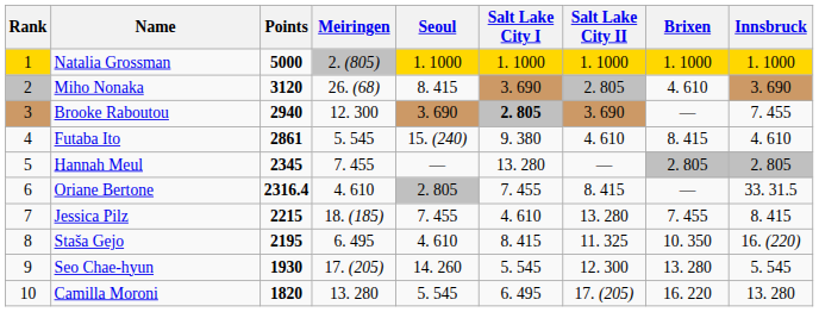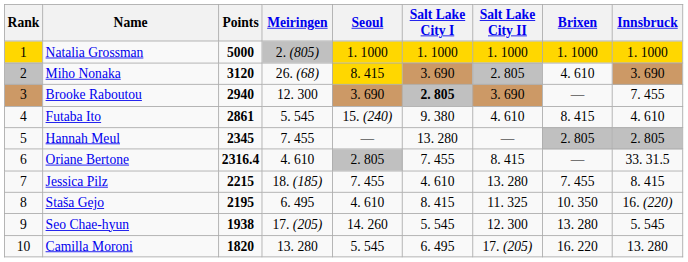 <table class="wikitable sortable">
 <tr>
 <th>Rank</th>
 <th width = "200">Name</th>
 <th>Points</th>
 <th width = "75" data-sort-type="number"><a href='#'>Meiringen</a></th>
 <th width = "75" data-sort-type="number"><a href='#'>Seoul</a></th>
 <th width = "75" data-sort-type="number"><a href='#'>Salt Lake City I</a></th>
 <th width = "75" data-sort-type="number"><a href='#'>Salt Lake City II</a></th>
 <th width = "75" data-sort-type="number"><a href='#'>Brixen</a></th>
 <th width = "75" data-sort-type="number"><a href='#'>Innsbruck</a></th>
 </tr>
 <tr>
 <td align="center" style="background: gold">1</td>
 <td> <a href='#'>Natalia Grossman</a></td>
 <td align="center"><strong>5000</strong></td>
 <td align="center" style="background: silver">2. <em>(805)</em></td>
 <td align="center" style="background: gold">1. 1000</td>
 <td align="center" style="background: gold">1. 1000</td>
 <td align="center" style="background: gold">1. 1000</td>
 <td align="center" style="background: gold">1. 1000</td>
 <td align="center" style="background: gold">1. 1000</td>
 </tr>
 <tr>
 <td align="center" style="background: silver">2</td>
 <td> <a href='#'>Miho Nonaka</a></td>
 <td align="center"><strong>3120</strong></td>
 <td align="center">26. <em>(68)</em></td>
-<td align="center">8. 415</td>
+<td align="center" style="background: gold;">8. 415</td>
 <td align="center" style="background: #cc9966">3. 690</td>
 <td align="center" style="background: silver">2. 805</td>
 <td align="center">4. 610</td>
 <td align="center" style="background: #cc9966">3. 690</td>
 </tr>
 <tr>
 <td align="center" style="background: #cc9966">3</td>
 <td> <a href='#'>Brooke Raboutou</a></td>
 <td align="center"><strong>2940</strong></td>
 <td align="center">12. 300</td>
 <td align="center" style="background: #cc9966">3. 690</td>
 <td align="center" style="background: silver"><strong>2. 805</strong></td>
 <td align="center" style="background: #cc9966">3. 690</td>
 <td align="center">—</td>
 <td align="center">7. 455</td>
 </tr>
 <tr>
 <td align="center">4</td>
 <td> <a href='#'>Futaba Ito</a></td>
 <td align="center"><strong>2861</strong></td>
 <td align="center">5. 545</td>
 <td align="center">15. <em>(240)</em></td>
 <td align="center">9. 380</td>
 <td align="center">4. 610</td>
 <td align="center">8. 415</td>
 <td align="center">4. 610</td>
 </tr>
 <tr>
 <td align="center">5</td>
 <td> <a href='#'>Hannah Meul</a></td>
 <td align="center"><strong>2345</strong></td>
 <td align="center">7. 455</td>
 <td align="center">—</td>
 <td align="center">13. 280</td>
 <td align="center">—</td>
 <td align="center" style="background: silver">2. 805</td>
 <td align="center" style="background: silver">2. 805</td>
 </tr>
 <tr>
 <td align="center">6</td>
 <td> <a href='#'>Oriane Bertone</a></td>
 <td align="center"><strong>2316.4</strong></td>
 <td align="center">4. 610</td>
 <td align="center" style="background: silver">2. 805</td>
 <td align="center">7. 455</td>
 <td align="center">8. 415</td>
 <td align="center">—</td>
 <td align="center">33. 31.5</td>
 </tr>
 <tr>
 <td align="center">7</td>
 <td> <a href='#'>Jessica Pilz</a></td>
 <td align="center"><strong>2215</strong></td>
 <td align="center">18. <em>(185)</em></td>
 <td align="center">7. 455</td>
 <td align="center">4. 610</td>
 <td align="center">13. 280</td>
 <td align="center">7. 455</td>
 <td align="center">8. 415</td>
 </tr>
 <tr>
 <td align="center">8</td>
 <td> <a href='#'>Staša Gejo</a></td>
 <td align="center"><strong>2195</strong></td>
 <td align="center">6. 495</td>
 <td align="center">4. 610</td>
 <td align="center">8. 415</td>
 <td align="center">11. 325</td>
 <td align="center">10. 350</td>
 <td align="center">16. <em>(220)</em></td>
 </tr>
 <tr>
 <td align="center">9</td>
 <td> <a href='#'>Seo Chae-hyun</a></td>
-<td align="center"><strong>1930</strong></td>
+<td align="center"><strong>1938</strong></td>
 <td align="center">17. <em>(205)</em></td>
 <td align="center">14. 260</td>
 <td align="center">5. 545</td>
 <td align="center">12. 300</td>
 <td align="center">13. 280</td>
 <td align="center">5. 545</td>
 </tr>
 <tr>
 <td align="center">10</td>
 <td> <a href='#'>Camilla Moroni</a></td>
 <td align="center"><strong>1820</strong></td>
 <td align="center">13. 280</td>
 <td align="center">5. 545</td>
 <td align="center">6. 495</td>
 <td align="center">17. <em>(205)</em></td>
 <td align="center">16. 220</td>
 <td align="center">13. 280</td>
 </tr>
 </table>
